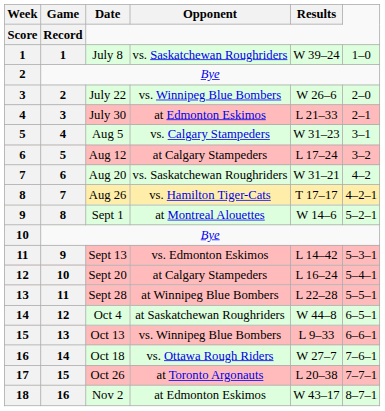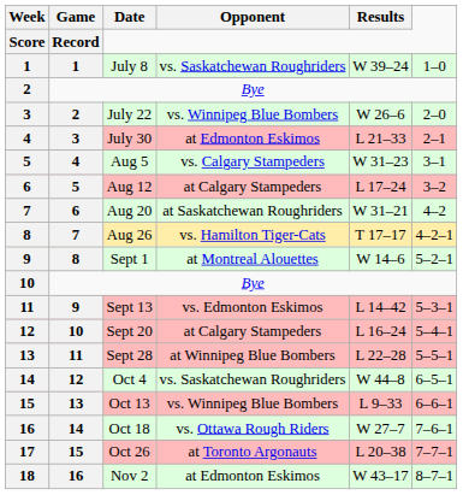 <table class="wikitable" style="text-align:center">
 <tr>
 <th>Week</th>
 <th>Game</th>
 <th>Date</th>
 <th>Opponent</th>
 <th>Results</th>
 </tr>
 <tr>
 <th>Score</th>
 <th>Record</th>
 </tr>
 <tr style="background:#ddffdd">
 <th>1</th>
 <th>1</th>
 <td>July 8</td>
 <td>vs. <a href='#'>Saskatchewan Roughriders</a></td>
 <td>W 39–24</td>
 <td>1–0</td>
 </tr>
 <tr>
 <th>2</th>
 <td colspan=7><em><a href='#'>Bye</a></em></td>
 </tr>
 <tr style="background:#ddffdd">
 <th>3</th>
 <th>2</th>
 <td>July 22</td>
 <td>vs. <a href='#'>Winnipeg Blue Bombers</a></td>
 <td>W 26–6</td>
 <td>2–0</td>
 </tr>
 <tr style="background:#ffbbbb">
 <th>4</th>
 <th>3</th>
 <td>July 30</td>
 <td>at <a href='#'>Edmonton Eskimos</a></td>
 <td>L 21–33</td>
 <td>2–1</td>
 </tr>
 <tr style="background:#ddffdd">
 <th>5</th>
 <th>4</th>
 <td>Aug 5</td>
 <td>vs. <a href='#'>Calgary Stampeders</a></td>
 <td>W 31–23</td>
 <td>3–1</td>
 </tr>
 <tr style="background:#ffbbbb">
 <th>6</th>
 <th>5</th>
 <td>Aug 12</td>
 <td>at Calgary Stampeders</td>
 <td>L 17–24</td>
 <td>3–2</td>
 </tr>
 <tr style="background:#ddffdd">
 <th>7</th>
 <th>6</th>
 <td>Aug 20</td>
-<td>vs. Saskatchewan Roughriders</td>
+<td>at Saskatchewan Roughriders</td>
 <td>W 31–21</td>
 <td>4–2</td>
 </tr>
 <tr style="background:#ffeeaa">
 <th>8</th>
 <th>7</th>
 <td>Aug 26</td>
 <td>vs. <a href='#'>Hamilton Tiger-Cats</a></td>
 <td>T 17–17</td>
 <td>4–2–1</td>
 </tr>
 <tr style="background:#ddffdd">
 <th>9</th>
 <th>8</th>
 <td>Sept 1</td>
 <td>at <a href='#'>Montreal Alouettes</a></td>
 <td>W 14–6</td>
 <td>5–2–1</td>
 </tr>
 <tr>
 <th>10</th>
 <td colspan=7><em><a href='#'>Bye</a></em></td>
 </tr>
 <tr style="background:#ffbbbb">
 <th>11</th>
 <th>9</th>
 <td>Sept 13</td>
 <td>vs. Edmonton Eskimos</td>
 <td>L 14–42</td>
 <td>5–3–1</td>
 </tr>
 <tr style="background:#ffbbbb">
 <th>12</th>
 <th>10</th>
 <td>Sept 20</td>
 <td>at Calgary Stampeders</td>
 <td>L 16–24</td>
 <td>5–4–1</td>
 </tr>
 <tr style="background:#ffbbbb">
 <th>13</th>
 <th>11</th>
 <td>Sept 28</td>
 <td>at Winnipeg Blue Bombers</td>
 <td>L 22–28</td>
 <td>5–5–1</td>
 </tr>
 <tr style="background:#ddffdd">
 <th>14</th>
 <th>12</th>
 <td>Oct 4</td>
-<td>at Saskatchewan Roughriders</td>
+<td>vs. Saskatchewan Roughriders</td>
 <td>W 44–8</td>
 <td>6–5–1</td>
 </tr>
 <tr style="background:#ffbbbb">
 <th>15</th>
 <th>13</th>
 <td>Oct 13</td>
 <td>vs. Winnipeg Blue Bombers</td>
 <td>L 9–33</td>
 <td>6–6–1</td>
 </tr>
 <tr style="background:#ddffdd">
 <th>16</th>
 <th>14</th>
 <td>Oct 18</td>
 <td>vs. <a href='#'>Ottawa Rough Riders</a></td>
 <td>W 27–7</td>
 <td>7–6–1</td>
 </tr>
 <tr style="background:#ffbbbb">
 <th>17</th>
 <th>15</th>
 <td>Oct 26</td>
 <td>at <a href='#'>Toronto Argonauts</a></td>
 <td>L 20–38</td>
 <td>7–7–1</td>
 </tr>
 <tr style="background:#ddffdd">
 <th>18</th>
 <th>16</th>
 <td>Nov 2</td>
 <td>at Edmonton Eskimos</td>
 <td>W 43–17</td>
 <td>8–7–1</td>
 </tr>
 </table>
